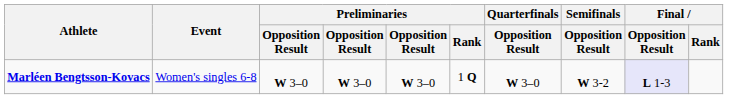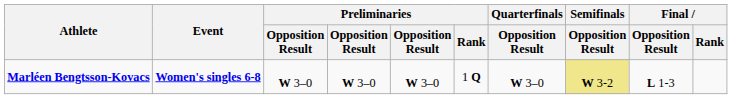 <table class=wikitable style="font-size:90%">
 <tr>
 <th rowspan="2">Athlete</th>
 <th rowspan="2">Event</th>
 <th colspan="4">Preliminaries</th>
 <th>Quarterfinals</th>
 <th>Semifinals</th>
 <th colspan="2">Final / </th>
 </tr>
 <tr>
 <th>Opposition<br>Result</th>
 <th>Opposition<br>Result</th>
 <th>Opposition<br>Result</th>
 <th>Rank</th>
 <th>Opposition<br>Result</th>
 <th>Opposition<br>Result</th>
 <th>Opposition<br>Result</th>
 <th>Rank</th>
 </tr>
 <tr>
 <td><strong><a href='#'>Marléen Bengtsson-Kovacs</a></strong></td>
-<td><a href='#'>Women's singles 6-8</a></td>
+<td><strong><a href='#'>Women's singles 6-8</a></strong></td>
 <td align="center"><br><strong>W</strong> 3–0</td>
 <td align="center"><br><strong>W</strong> 3–0</td>
 <td align="center"><br><strong>W</strong> 3–0</td>
 <td align="center">1 <strong>Q</strong></td>
 <td align="center"><br><strong>W</strong> 3–0</td>
-<td align="center"><br><strong>W</strong> 3-2</td>
-<td align="center" style="background: lavender;"><br><strong>L</strong> 1-3</td>
+<td align="center" style="background: khaki;"><br><strong>W</strong> 3-2</td>
+<td align="center"><br><strong>L</strong> 1-3</td>
 <td align="center"></td>
 </tr>
 </table>
